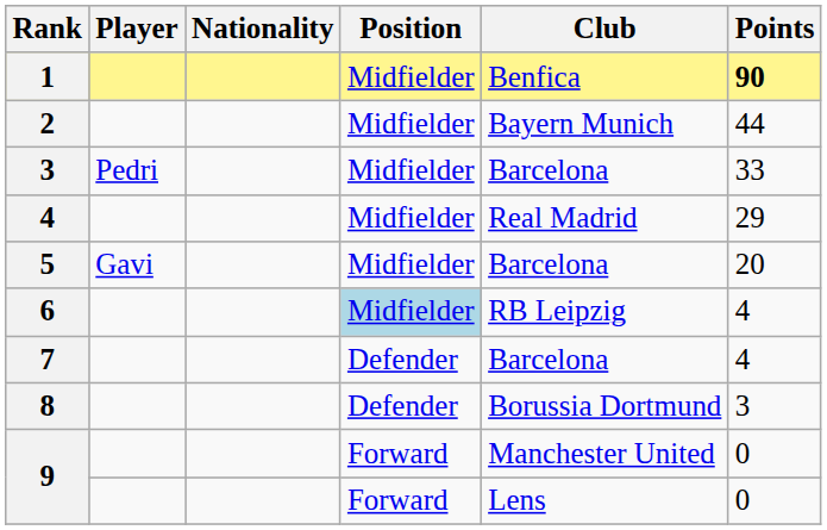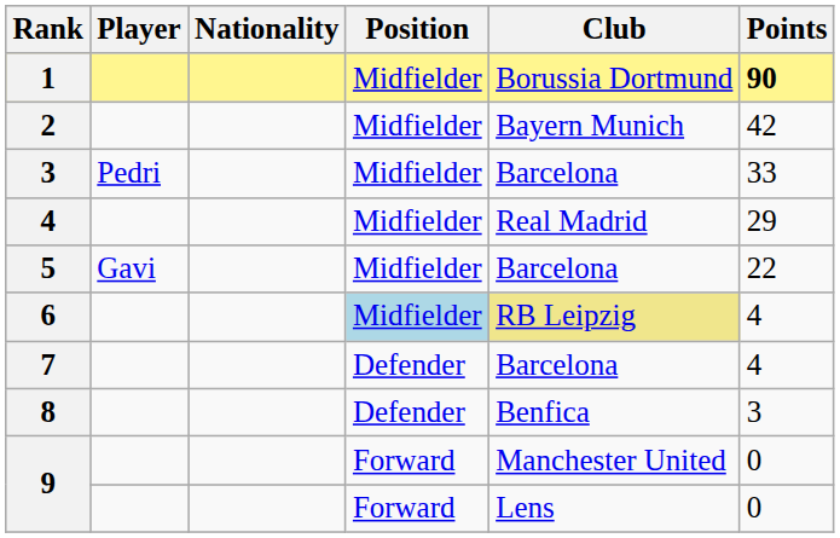 <table class="wikitable sortable">
 <tr>
 <th scope="col">Rank</th>
 <th scope="col">Player</th>
 <th scope="col">Nationality</th>
 <th scope="col">Position</th>
 <th scope="col">Club</th>
 <th scope="col">Points</th>
 </tr>
 <tr style="background-color:#FFF68F">
 <th scope="row">1</th>
 <td><strong></strong></td>
 <td></td>
 <td><a href='#'>Midfielder</a></td>
-<td> <a href='#'>Benfica</a></td>
+<td> <a href='#'>Borussia Dortmund</a></td>
 <td><strong>90</strong></td>
 </tr>
 <tr>
 <th scope="row">2</th>
 <td></td>
 <td></td>
 <td><a href='#'>Midfielder</a></td>
 <td> <a href='#'>Bayern Munich</a></td>
-<td>44</td>
+<td>42</td>
 </tr>
 <tr>
 <th scope="row">3</th>
 <td><a href='#'>Pedri</a></td>
 <td></td>
 <td><a href='#'>Midfielder</a></td>
 <td> <a href='#'>Barcelona</a></td>
 <td>33</td>
 </tr>
 <tr>
 <th scope="row">4</th>
 <td></td>
 <td></td>
 <td><a href='#'>Midfielder</a></td>
 <td> <a href='#'>Real Madrid</a></td>
 <td>29</td>
 </tr>
 <tr>
 <th scope="row">5</th>
 <td><a href='#'>Gavi</a></td>
 <td></td>
 <td><a href='#'>Midfielder</a></td>
 <td> <a href='#'>Barcelona</a></td>
-<td>20</td>
+<td>22</td>
 </tr>
 <tr>
 <th scope="row">6</th>
 <td></td>
 <td></td>
 <td style="background: lightblue;"><a href='#'>Midfielder</a></td>
-<td> <a href='#'>RB Leipzig</a></td>
+<td style="background: khaki;"> <a href='#'>RB Leipzig</a></td>
 <td>4</td>
 </tr>
 <tr>
 <th scope="row">7</th>
 <td></td>
 <td></td>
 <td><a href='#'>Defender</a></td>
 <td> <a href='#'>Barcelona</a></td>
 <td>4</td>
 </tr>
 <tr>
 <th scope="row">8</th>
 <td></td>
 <td></td>
 <td><a href='#'>Defender</a></td>
-<td> <a href='#'>Borussia Dortmund</a></td>
+<td> <a href='#'>Benfica</a></td>
 <td>3</td>
 </tr>
 <tr>
 <th scope="row" rowspan="2">9</th>
 <td></td>
 <td></td>
 <td><a href='#'>Forward</a></td>
 <td> <a href='#'>Manchester United</a></td>
 <td>0</td>
 </tr>
 <tr>
 <td></td>
 <td></td>
 <td><a href='#'>Forward</a></td>
 <td> <a href='#'>Lens</a></td>
 <td>0</td>
 </tr>
 </table>
